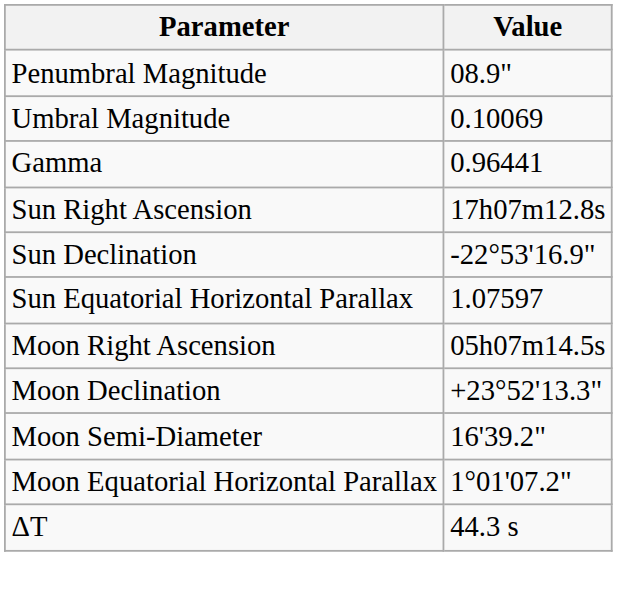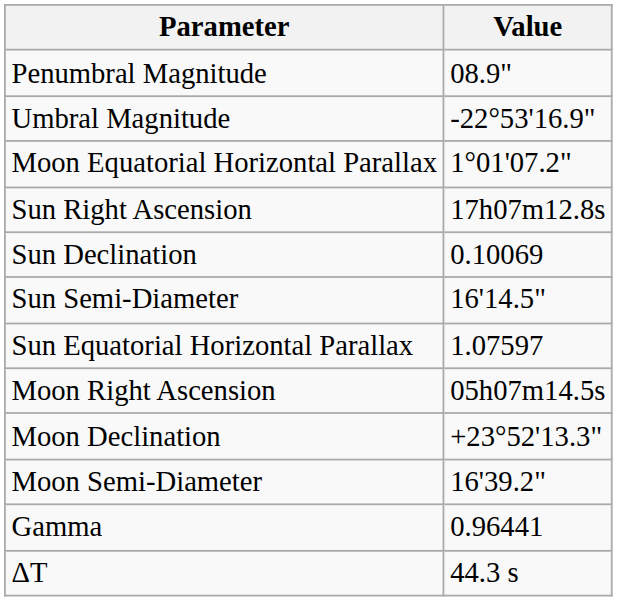 <table class="wikitable">
 <tr>
 <th>Parameter</th>
 <th>Value</th>
 </tr>
 <tr>
 <td>Penumbral Magnitude</td>
 <td>08.9"</td>
 </tr>
 <tr>
 <td>Umbral Magnitude</td>
-<td>0.10069</td>
+<td>-22°53'16.9"</td>
 </tr>
 <tr>
-<td>Gamma</td>
-<td>0.96441</td>
+<td>Moon Equatorial Horizontal Parallax</td>
+<td>1°01'07.2"</td>
 </tr>
 <tr>
 <td>Sun Right Ascension</td>
 <td>17h07m12.8s</td>
 </tr>
 <tr>
 <td>Sun Declination</td>
-<td>-22°53'16.9"</td>
+<td>0.10069</td>
+</tr>
+<tr>
+<td>Sun Semi-Diameter</td>
+<td>16'14.5"</td>
 </tr>
 <tr>
 <td>Sun Equatorial Horizontal Parallax</td>
 <td>1.07597</td>
 </tr>
 <tr>
 <td>Moon Right Ascension</td>
 <td>05h07m14.5s</td>
 </tr>
 <tr>
 <td>Moon Declination</td>
 <td>+23°52'13.3"</td>
 </tr>
 <tr>
 <td>Moon Semi-Diameter</td>
 <td>16'39.2"</td>
 </tr>
 <tr>
-<td>Moon Equatorial Horizontal Parallax</td>
-<td>1°01'07.2"</td>
+<td>Gamma</td>
+<td>0.96441</td>
 </tr>
 <tr>
 <td>ΔT</td>
 <td>44.3 s</td>
 </tr>
 </table>
